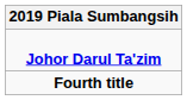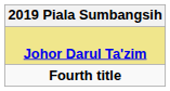 <table class="wikitable" style="text-align: center; margin: 0 auto;">
 <tr>
 <th>2019 Piala Sumbangsih</th>
 </tr>
 <tr>
-<td><br><a href='#'><strong>Johor Darul Ta'zim</strong></a></td>
+<td style="background: khaki;"><br><a href='#'><strong>Johor Darul Ta'zim</strong></a></td>
 </tr>
 <tr>
 <td><strong>Fourth title</strong></td>
 </tr>
 </table>
